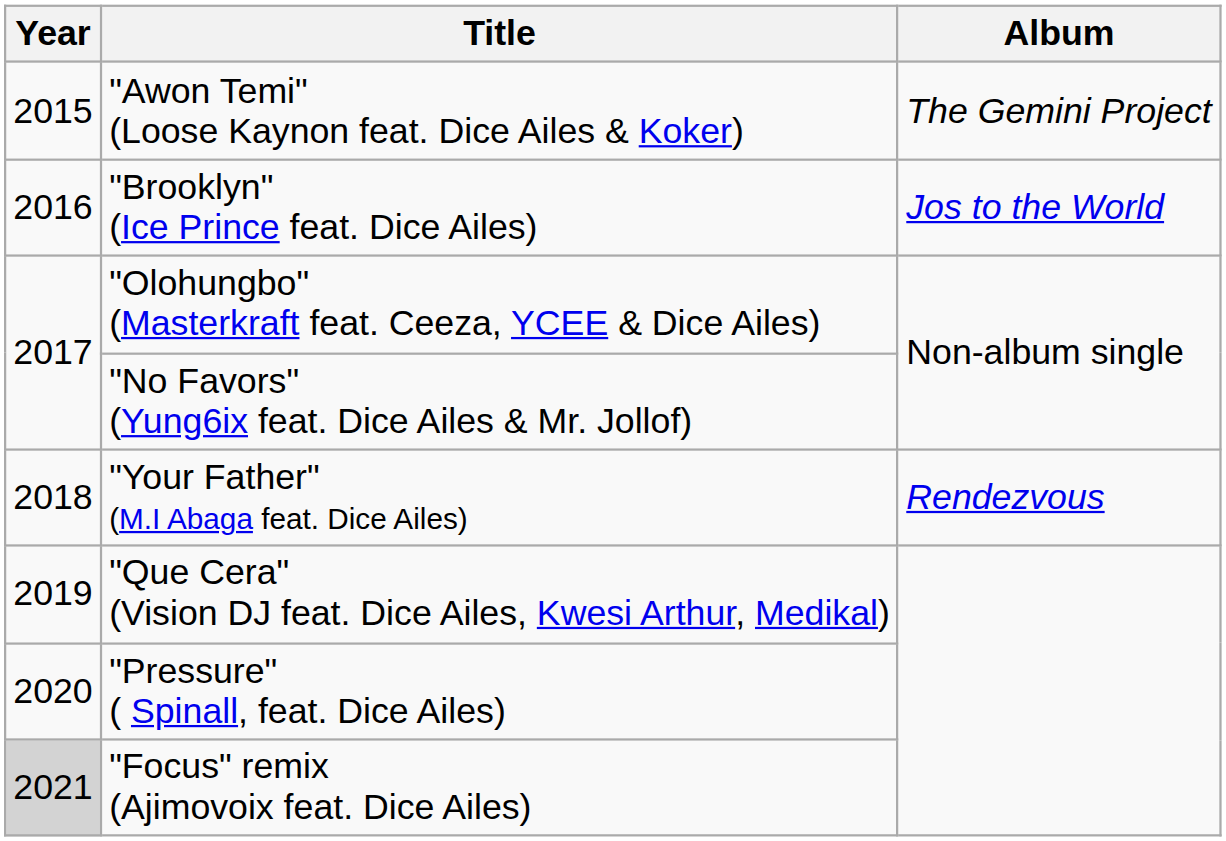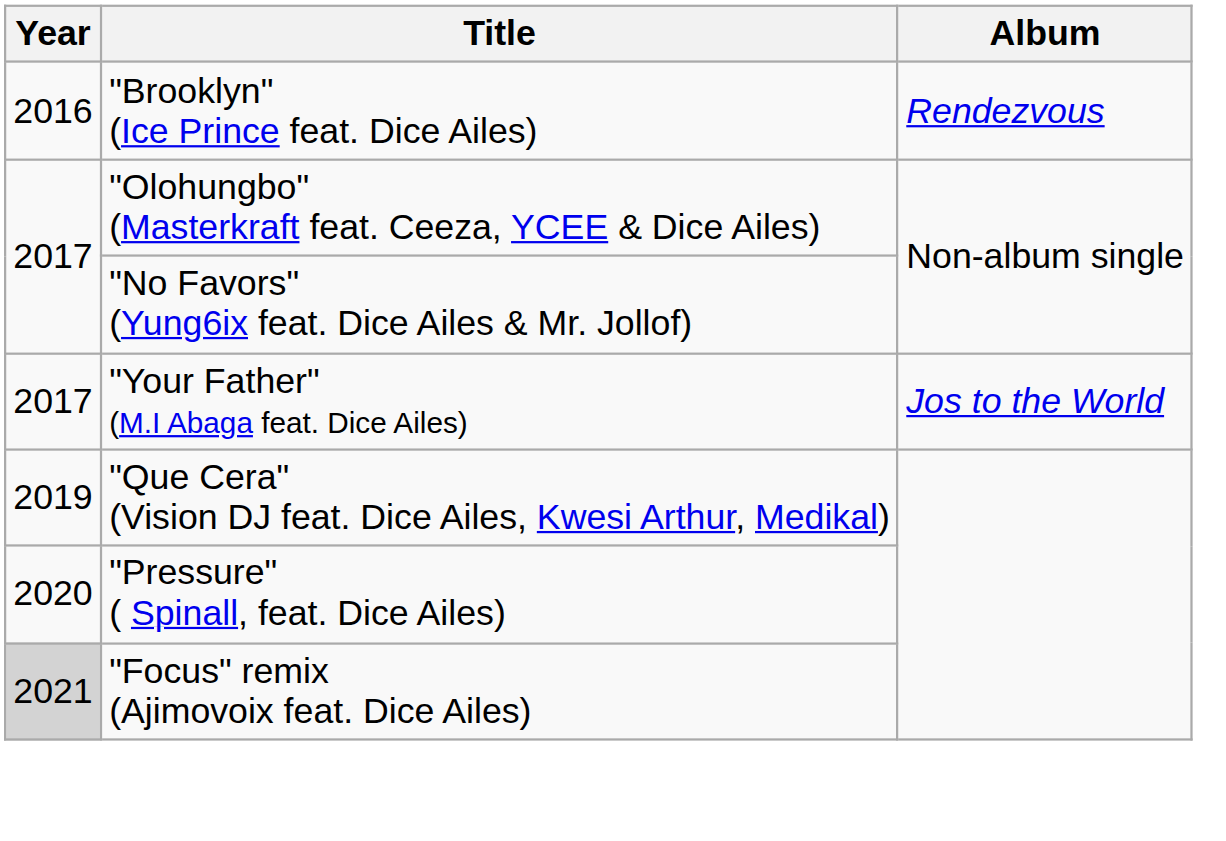 <table class="wikitable sortable" style="display:inline-table;">
 <tr>
 <th>Year</th>
 <th>Title</th>
 <th>Album</th>
 </tr>
 <tr>
-<td>2015</td>
-<td>"Awon Temi" <br><span>(Loose Kaynon feat. Dice Ailes & <a href='#'>Koker</a>)</span></td>
-<td><em>The Gemini Project</em></td>
-</tr>
-<tr>
 <td>2016</td>
 <td>"Brooklyn" <br><span>(<a href='#'>Ice Prince</a> feat. Dice Ailes)</span></td>
-<td><em><a href='#'>Jos to the World</a></em></td>
+<td><em><a href='#'>Rendezvous</a></em></td>
 </tr>
 <tr>
 <td rowspan="2">2017</td>
 <td>"Olohungbo" <br><span>(<a href='#'>Masterkraft</a> feat. Ceeza, <a href='#'>YCEE</a> & Dice Ailes)</span></td>
 <td rowspan="2">Non-album single</td>
 </tr>
 <tr>
 <td>"No Favors" <br><span>(<a href='#'>Yung6ix</a> feat. Dice Ailes & Mr. Jollof)</span></td>
 </tr>
 <tr>
-<td>2018</td>
+<td>2017</td>
 <td>"Your Father"<br><small>(<a href='#'>M.I Abaga</a> feat. Dice Ailes)</small></td>
-<td><em><a href='#'>Rendezvous</a></em></td>
+<td><em><a href='#'>Jos to the World</a></em></td>
 </tr>
 <tr>
 <td>2019</td>
 <td>"Que Cera"<br>(Vision DJ feat. Dice Ailes, <a href='#'>Kwesi Arthur</a>, <a href='#'>Medikal</a>)</td>
 </tr>
 <tr>
 <td>2020</td>
 <td>"Pressure"<br>( <a href='#'>Spinall</a>, feat. Dice Ailes)</td>
 </tr>
 <tr>
 <td style="background: lightgrey;">2021</td>
 <td>"Focus" remix<br>(Ajimovoix feat. Dice Ailes)</td>
 </tr>
 </table>
